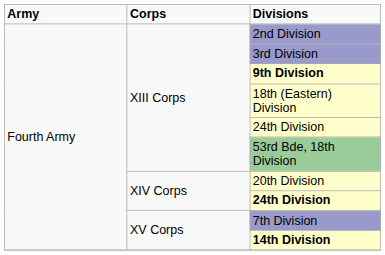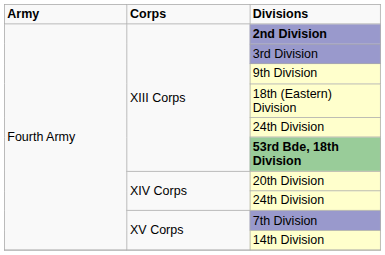 <table class="wikitable">
 <tr>
 <td width="150pt"><strong>Army</strong></td>
 <td width="150pt"><strong>Corps</strong></td>
 <td width="160pt"><strong>Divisions</strong></td>
 </tr>
 <tr>
 <td rowspan="10">Fourth Army</td>
 <td rowspan="6">XIII Corps</td>
-<td style="background:#9999CC">2nd Division</td>
+<td style="background:#9999CC"><strong>2nd Division</strong></td>
 </tr>
 <tr>
 <td style="background:#9999CC">3rd Division</td>
 </tr>
 <tr>
-<td style="background:#FFFFCC;"><strong>9th Division</strong></td>
+<td style="background:#FFFFCC;">9th Division</td>
 </tr>
 <tr>
 <td style="background:#FFFFCC;">18th (Eastern) Division</td>
 </tr>
 <tr>
 <td style="background:#FFFFCC;">24th Division</td>
 </tr>
 <tr>
-<td style="background:#99CC99">53rd Bde, 18th Division</td>
+<td style="background:#99CC99"><strong>53rd Bde, 18th Division</strong></td>
 </tr>
 <tr>
 <td rowspan="2">XIV Corps</td>
 <td style="background:#FFFFCC;">20th Division</td>
 </tr>
 <tr>
-<td style="background:#FFFFCC;"><strong>24th Division</strong></td>
+<td style="background:#FFFFCC;">24th Division</td>
 </tr>
 <tr>
 <td rowspan="2">XV Corps</td>
 <td style="background:#9999CC;">7th Division</td>
 </tr>
 <tr>
-<td style="background:#FFFFCC;"><strong>14th Division</strong></td>
+<td style="background:#FFFFCC;">14th Division</td>
 </tr>
 <tr>
 </tr>
 </table>
